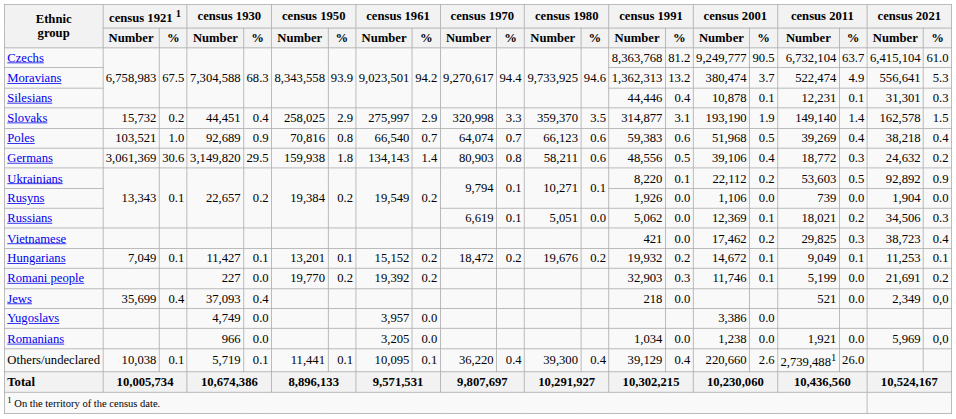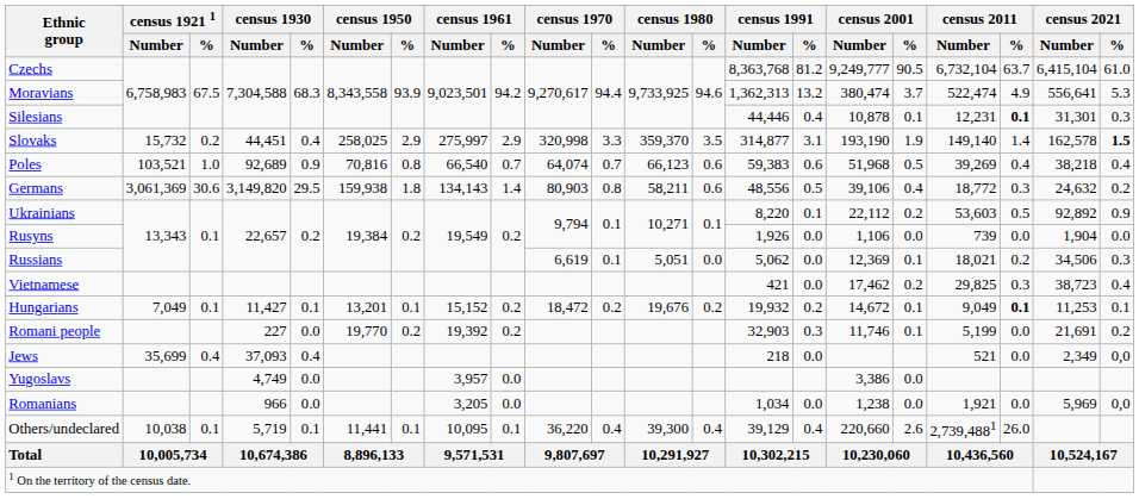 <table class="wikitable">
 <tr style="background:#e0e0e0;">
 <th rowspan="2">Ethnic<br>group</th>
 <th colspan="2">census 1921 <sup>1</sup></th>
 <th colspan="2">census 1930</th>
 <th colspan="2">census 1950</th>
 <th colspan="2">census 1961</th>
 <th colspan="2">census 1970</th>
 <th colspan="2">census 1980</th>
 <th colspan="2">census 1991</th>
 <th colspan="2">census 2001</th>
 <th colspan="2">census 2011</th>
 <th colspan="2">census 2021</th>
 </tr>
 <tr style="background:#e0e0e0;">
 <th>Number</th>
 <th>%</th>
 <th>Number</th>
 <th>%</th>
 <th>Number</th>
 <th>%</th>
 <th>Number</th>
 <th>%</th>
 <th>Number</th>
 <th>%</th>
 <th>Number</th>
 <th>%</th>
 <th>Number</th>
 <th>%</th>
 <th>Number</th>
 <th>%</th>
 <th>Number</th>
 <th>%</th>
 <th>Number</th>
 <th>%</th>
 </tr>
 <tr>
 <td><a href='#'>Czechs</a></td>
 <td style="text-align:right;" rowspan="3">6,758,983</td>
 <td style="text-align:right;" rowspan="3">67.5</td>
 <td style="text-align:right;" rowspan="3">7,304,588</td>
 <td style="text-align:right;" rowspan="3">68.3</td>
 <td style="text-align:right;" rowspan="3">8,343,558</td>
 <td style="text-align:right;" rowspan="3">93.9</td>
 <td style="text-align:right;" rowspan="3">9,023,501</td>
 <td style="text-align:right;" rowspan="3">94.2</td>
 <td style="text-align:right;" rowspan="3">9,270,617</td>
 <td style="text-align:right;" rowspan="3">94.4</td>
 <td style="text-align:right;" rowspan="3">9,733,925</td>
 <td style="text-align:right;" rowspan="3">94.6</td>
 <td style="text-align:right;">8,363,768</td>
 <td style="text-align:right;">81.2</td>
 <td style="text-align:right;">9,249,777</td>
 <td style="text-align:right;">90.5</td>
 <td style="text-align:right;">6,732,104</td>
 <td style="text-align:right;">63.7</td>
 <td style="text-align:right;">6,415,104</td>
 <td style="text-align:right;">61.0</td>
 </tr>
 <tr>
 <td><a href='#'>Moravians</a></td>
 <td style="text-align:right;">1,362,313</td>
 <td style="text-align:right;">13.2</td>
 <td style="text-align:right;">380,474</td>
 <td style="text-align:right;">3.7</td>
 <td style="text-align:right;">522,474</td>
 <td style="text-align:right;">4.9</td>
 <td style="text-align:right;">556,641</td>
 <td style="text-align:right;">5.3</td>
 </tr>
 <tr>
 <td><a href='#'>Silesians</a></td>
 <td style="text-align:right;">44,446</td>
 <td style="text-align:right;">0.4</td>
 <td style="text-align:right;">10,878</td>
 <td style="text-align:right;">0.1</td>
 <td style="text-align:right;">12,231</td>
-<td style="text-align:right;">0.1</td>
+<td style="text-align:right;"><strong>0.1</strong></td>
 <td style="text-align:right;">31,301</td>
 <td style="text-align:right;">0.3</td>
 </tr>
 <tr>
 <td><a href='#'>Slovaks</a></td>
 <td style="text-align:right;">15,732</td>
 <td style="text-align:right;">0.2</td>
 <td style="text-align:right;">44,451</td>
 <td style="text-align:right;">0.4</td>
 <td style="text-align:right;">258,025</td>
 <td style="text-align:right;">2.9</td>
 <td style="text-align:right;">275,997</td>
 <td style="text-align:right;">2.9</td>
 <td style="text-align:right;">320,998</td>
 <td style="text-align:right;">3.3</td>
 <td style="text-align:right;">359,370</td>
 <td style="text-align:right;">3.5</td>
 <td style="text-align:right;">314,877</td>
 <td style="text-align:right;">3.1</td>
 <td style="text-align:right;">193,190</td>
 <td style="text-align:right;">1.9</td>
 <td style="text-align:right;">149,140</td>
 <td style="text-align:right;">1.4</td>
 <td style="text-align:right;">162,578</td>
-<td style="text-align:right;">1.5</td>
+<td style="text-align:right;"><strong>1.5</strong></td>
 </tr>
 <tr>
 <td><a href='#'>Poles</a></td>
 <td style="text-align:right;">103,521</td>
 <td style="text-align:right;">1.0</td>
 <td style="text-align:right;">92,689</td>
 <td style="text-align:right;">0.9</td>
 <td style="text-align:right;">70,816</td>
 <td style="text-align:right;">0.8</td>
 <td style="text-align:right;">66,540</td>
 <td style="text-align:right;">0.7</td>
 <td style="text-align:right;">64,074</td>
 <td style="text-align:right;">0.7</td>
 <td style="text-align:right;">66,123</td>
 <td style="text-align:right;">0.6</td>
 <td style="text-align:right;">59,383</td>
 <td style="text-align:right;">0.6</td>
 <td style="text-align:right;">51,968</td>
 <td style="text-align:right;">0.5</td>
 <td style="text-align:right;">39,269</td>
 <td style="text-align:right;">0.4</td>
 <td style="text-align:right;">38,218</td>
 <td style="text-align:right;">0.4</td>
 </tr>
 <tr>
 <td><a href='#'>Germans</a></td>
 <td style="text-align:right;">3,061,369</td>
 <td style="text-align:right;">30.6</td>
 <td style="text-align:right;">3,149,820</td>
 <td style="text-align:right;">29.5</td>
 <td style="text-align:right;">159,938</td>
 <td style="text-align:right;">1.8</td>
 <td style="text-align:right;">134,143</td>
 <td style="text-align:right;">1.4</td>
 <td style="text-align:right;">80,903</td>
 <td style="text-align:right;">0.8</td>
 <td style="text-align:right;">58,211</td>
 <td style="text-align:right;">0.6</td>
 <td style="text-align:right;">48,556</td>
 <td style="text-align:right;">0.5</td>
 <td style="text-align:right;">39,106</td>
 <td style="text-align:right;">0.4</td>
 <td style="text-align:right;">18,772</td>
 <td style="text-align:right;">0.3</td>
 <td style="text-align:right;">24,632</td>
 <td style="text-align:right;">0.2</td>
 </tr>
 <tr>
 <td><a href='#'>Ukrainians</a></td>
 <td style="text-align:right;" rowspan="3">13,343</td>
 <td style="text-align:right;" rowspan="3">0.1</td>
 <td style="text-align:right;" rowspan="3">22,657</td>
 <td style="text-align:right;" rowspan="3">0.2</td>
 <td style="text-align:right;" rowspan="3">19,384</td>
 <td style="text-align:right;" rowspan="3">0.2</td>
 <td style="text-align:right;" rowspan="3">19,549</td>
 <td style="text-align:right;" rowspan="3">0.2</td>
 <td style="text-align:right;" rowspan="2">9,794</td>
 <td style="text-align:right;" rowspan="2">0.1</td>
 <td style="text-align:right;" rowspan="2">10,271</td>
 <td style="text-align:right;" rowspan="2">0.1</td>
 <td style="text-align:right;">8,220</td>
 <td style="text-align:right;">0.1</td>
 <td style="text-align:right;">22,112</td>
 <td style="text-align:right;">0.2</td>
 <td style="text-align:right;">53,603</td>
 <td style="text-align:right;">0.5</td>
 <td style="text-align:right;">92,892</td>
 <td style="text-align:right;">0.9</td>
 </tr>
 <tr>
 <td><a href='#'>Rusyns</a></td>
 <td style="text-align:right;">1,926</td>
 <td style="text-align:right;">0.0</td>
 <td style="text-align:right;">1,106</td>
 <td style="text-align:right;">0.0</td>
 <td style="text-align:right;">739</td>
 <td style="text-align:right;">0.0</td>
 <td style="text-align:right;">1,904</td>
 <td style="text-align:right;">0.0</td>
 </tr>
 <tr>
 <td><a href='#'>Russians</a></td>
 <td style="text-align:right;">6,619</td>
 <td style="text-align:right;">0.1</td>
 <td style="text-align:right;">5,051</td>
 <td style="text-align:right;">0.0</td>
 <td style="text-align:right;">5,062</td>
 <td style="text-align:right;">0.0</td>
 <td style="text-align:right;">12,369</td>
 <td style="text-align:right;">0.1</td>
 <td style="text-align:right;">18,021</td>
 <td style="text-align:right;">0.2</td>
 <td style="text-align:right;">34,506</td>
 <td style="text-align:right;">0.3</td>
 </tr>
 <tr>
 <td><a href='#'>Vietnamese</a></td>
 <td style="text-align:right;"></td>
 <td style="text-align:right;"></td>
 <td style="text-align:right;"></td>
 <td style="text-align:right;"></td>
 <td style="text-align:right;"></td>
 <td style="text-align:right;"></td>
 <td style="text-align:right;"></td>
 <td style="text-align:right;"></td>
 <td style="text-align:right;"></td>
 <td style="text-align:right;"></td>
 <td style="text-align:right;"></td>
 <td style="text-align:right;"></td>
 <td style="text-align:right;">421</td>
 <td style="text-align:right;">0.0</td>
 <td style="text-align:right;">17,462</td>
 <td style="text-align:right;">0.2</td>
 <td style="text-align:right;">29,825</td>
 <td style="text-align:right;">0.3</td>
 <td style="text-align:right;">38,723</td>
 <td style="text-align:right;">0.4</td>
 </tr>
 <tr>
 <td><a href='#'>Hungarians</a></td>
 <td style="text-align:right;">7,049</td>
 <td style="text-align:right;">0.1</td>
 <td style="text-align:right;">11,427</td>
 <td style="text-align:right;">0.1</td>
 <td style="text-align:right;">13,201</td>
 <td style="text-align:right;">0.1</td>
 <td style="text-align:right;">15,152</td>
 <td style="text-align:right;">0.2</td>
 <td style="text-align:right;">18,472</td>
 <td style="text-align:right;">0.2</td>
 <td style="text-align:right;">19,676</td>
 <td style="text-align:right;">0.2</td>
 <td style="text-align:right;">19,932</td>
 <td style="text-align:right;">0.2</td>
 <td style="text-align:right;">14,672</td>
 <td style="text-align:right;">0.1</td>
 <td style="text-align:right;">9,049</td>
-<td style="text-align:right;">0.1</td>
+<td style="text-align:right;"><strong>0.1</strong></td>
 <td style="text-align:right;">11,253</td>
 <td style="text-align:right;">0.1</td>
 </tr>
 <tr>
 <td><a href='#'>Romani people</a></td>
 <td style="text-align:right;"></td>
 <td style="text-align:right;"></td>
 <td style="text-align:right;">227</td>
 <td style="text-align:right;">0.0</td>
 <td style="text-align:right;">19,770</td>
 <td style="text-align:right;">0.2</td>
 <td style="text-align:right;">19,392</td>
 <td style="text-align:right;">0.2</td>
 <td style="text-align:right;"></td>
 <td style="text-align:right;"></td>
 <td style="text-align:right;"></td>
 <td style="text-align:right;"></td>
 <td style="text-align:right;">32,903</td>
 <td style="text-align:right;">0.3</td>
 <td style="text-align:right;">11,746</td>
 <td style="text-align:right;">0.1</td>
 <td style="text-align:right;">5,199</td>
 <td style="text-align:right;">0.0</td>
 <td style="text-align:right;">21,691</td>
 <td style="text-align:right;">0.2</td>
 </tr>
 <tr>
 <td><a href='#'>Jews</a></td>
 <td style="text-align:right;">35,699</td>
 <td style="text-align:right;">0.4</td>
 <td style="text-align:right;">37,093</td>
 <td style="text-align:right;">0.4</td>
 <td style="text-align:right;"></td>
 <td style="text-align:right;"></td>
 <td style="text-align:right;"></td>
 <td style="text-align:right;"></td>
 <td style="text-align:right;"></td>
 <td style="text-align:right;"></td>
 <td style="text-align:right;"></td>
 <td style="text-align:right;"></td>
 <td style="text-align:right;">218</td>
 <td style="text-align:right;">0.0</td>
 <td style="text-align:right;"></td>
 <td style="text-align:right;"></td>
 <td style="text-align:right;">521</td>
 <td style="text-align:right;">0.0</td>
 <td style="text-align:right;">2,349</td>
 <td style="text-align:right;">0,0</td>
 </tr>
 <tr>
 <td><a href='#'>Yugoslavs</a></td>
 <td style="text-align:right;"></td>
 <td style="text-align:right;"></td>
 <td style="text-align:right;">4,749</td>
 <td style="text-align:right;">0.0</td>
 <td style="text-align:right;"></td>
 <td style="text-align:right;"></td>
 <td style="text-align:right;">3,957</td>
 <td style="text-align:right;">0.0</td>
 <td style="text-align:right;"></td>
 <td style="text-align:right;"></td>
 <td style="text-align:right;"></td>
 <td style="text-align:right;"></td>
 <td style="text-align:right;"></td>
 <td style="text-align:right;"></td>
 <td style="text-align:right;">3,386</td>
 <td style="text-align:right;">0.0</td>
 <td style="text-align:right;"></td>
 <td style="text-align:right;"></td>
 <td style="text-align:right;"></td>
 <td style="text-align:right;"></td>
 </tr>
 <tr>
 <td><a href='#'>Romanians</a></td>
 <td style="text-align:right;"></td>
 <td style="text-align:right;"></td>
 <td style="text-align:right;">966</td>
 <td style="text-align:right;">0.0</td>
 <td style="text-align:right;"></td>
 <td style="text-align:right;"></td>
 <td style="text-align:right;">3,205</td>
 <td style="text-align:right;">0.0</td>
 <td style="text-align:right;"></td>
 <td style="text-align:right;"></td>
 <td style="text-align:right;"></td>
 <td style="text-align:right;"></td>
 <td style="text-align:right;">1,034</td>
 <td style="text-align:right;">0.0</td>
 <td style="text-align:right;">1,238</td>
 <td style="text-align:right;">0.0</td>
 <td style="text-align:right;">1,921</td>
 <td style="text-align:right;">0.0</td>
 <td style="text-align:right;">5,969</td>
 <td style="text-align:right;">0,0</td>
 </tr>
 <tr>
 <td>Others/undeclared</td>
 <td style="text-align:right;">10,038</td>
 <td style="text-align:right;">0.1</td>
 <td style="text-align:right;">5,719</td>
 <td style="text-align:right;">0.1</td>
 <td style="text-align:right;">11,441</td>
 <td style="text-align:right;">0.1</td>
 <td style="text-align:right;">10,095</td>
 <td style="text-align:right;">0.1</td>
 <td style="text-align:right;">36,220</td>
 <td style="text-align:right;">0.4</td>
 <td style="text-align:right;">39,300</td>
 <td style="text-align:right;">0.4</td>
 <td style="text-align:right;">39,129</td>
 <td style="text-align:right;">0.4</td>
 <td style="text-align:right;">220,660</td>
 <td style="text-align:right;">2.6</td>
 <td style="text-align:right;">2,739,488<sup>1</sup></td>
 <td style="text-align:right;">26.0</td>
 <td style="text-align:right;"></td>
 <td style="text-align:right;"></td>
 </tr>
 <tr style="background:#e0e0e0;">
 <th style="text-align:left;">Total</th>
 <th colspan="2">10,005,734</th>
 <th colspan="2">10,674,386</th>
 <th colspan="2">8,896,133</th>
 <th colspan="2">9,571,531</th>
 <th colspan="2">9,807,697</th>
 <th colspan="2">10,291,927</th>
 <th colspan="2">10,302,215</th>
 <th colspan="2">10,230,060</th>
 <th colspan="2">10,436,560</th>
 <th colspan="2">10,524,167</th>
 </tr>
 <tr>
 <td colspan="19"><small><sup>1</sup> On the territory of the census date. </small></td>
 </tr>
 </table>
